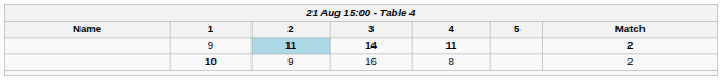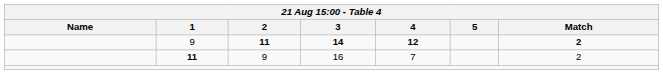 <table class=wikitable style="text-align:center; width: 55%">
 <tr>
 <th colspan=17><em>21 Aug 15:00 - Table 4</em></th>
 </tr>
 <tr>
 <th>Name</th>
 <th>1</th>
 <th>2</th>
 <th>3</th>
 <th>4</th>
 <th>5</th>
 <th>Match</th>
 </tr>
 <tr>
 <td style="text-align:left;"><strong></strong></td>
 <td>9</td>
-<td style="background: lightblue;"><strong>11</strong></td>
+<td><strong>11</strong></td>
 <td><strong>14</strong></td>
-<td><strong>11</strong></td>
+<td><strong>12</strong></td>
 <td></td>
 <td><strong>2</strong></td>
 </tr>
 <tr>
 <td style="text-align:left;"></td>
-<td><strong>10</strong></td>
+<td><strong>11</strong></td>
 <td>9</td>
 <td>16</td>
-<td>8</td>
+<td>7</td>
 <td></td>
 <td>2</td>
 </tr>
 <tr>
 <td colspan=17></td>
 </tr>
 </table>
